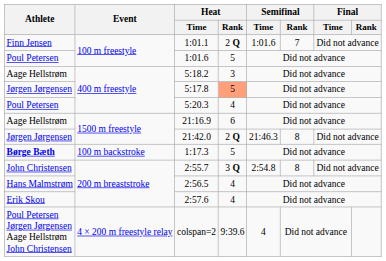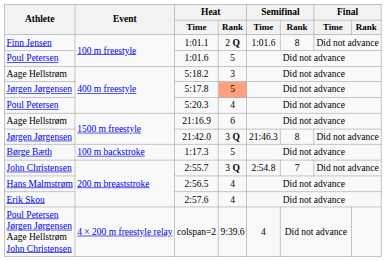 <table class=wikitable style="font-size:90%;">
 <tr>
 <th rowspan=2>Athlete</th>
 <th rowspan=2>Event</th>
 <th colspan=2>Heat</th>
 <th colspan=2>Semifinal</th>
 <th colspan=2>Final</th>
 </tr>
 <tr style="font-size:95%">
 <th>Time</th>
 <th>Rank</th>
 <th>Time</th>
 <th>Rank</th>
 <th>Time</th>
 <th>Rank</th>
 </tr>
 <tr align=center>
 <td align=left><a href='#'>Finn Jensen</a></td>
 <td rowspan=2 align=left><a href='#'>100 m freestyle</a></td>
 <td>1:01.1</td>
 <td>2 <strong>Q</strong></td>
 <td>1:01.6</td>
-<td>7</td>
+<td>8</td>
 <td colspan=2>Did not advance</td>
 </tr>
 <tr align=center>
 <td align=left><a href='#'>Poul Petersen</a></td>
 <td>1:01.6</td>
 <td>5</td>
 <td colspan=4>Did not advance</td>
 </tr>
 <tr align=center>
 <td align=left>Aage Hellstrøm</td>
 <td rowspan=3 align=left><a href='#'>400 m freestyle</a></td>
 <td>5:18.2</td>
 <td>3</td>
 <td colspan=4>Did not advance</td>
 </tr>
 <tr align=center>
 <td align=left><a href='#'>Jørgen Jørgensen</a></td>
 <td>5:17.8</td>
 <td style="background: lightsalmon;">5</td>
 <td colspan=4>Did not advance</td>
 </tr>
 <tr align=center>
 <td align=left><a href='#'>Poul Petersen</a></td>
 <td>5:20.3</td>
 <td>4</td>
 <td colspan=4>Did not advance</td>
 </tr>
 <tr align=center>
 <td align=left>Aage Hellstrøm</td>
 <td rowspan=2 align=left><a href='#'>1500 m freestyle</a></td>
 <td>21:16.9</td>
 <td>6</td>
 <td colspan=4>Did not advance</td>
 </tr>
 <tr align=center>
 <td align=left><a href='#'>Jørgen Jørgensen</a></td>
 <td>21:42.0</td>
-<td>2 <strong>Q</strong></td>
+<td>3 <strong>Q</strong></td>
 <td>21:46.3</td>
 <td>8</td>
 <td colspan=2>Did not advance</td>
 </tr>
 <tr align=center>
-<td align=left><strong><a href='#'>Børge Bæth</a></strong></td>
+<td align=left><a href='#'>Børge Bæth</a></td>
 <td align=left><a href='#'>100 m backstroke</a></td>
 <td>1:17.3</td>
 <td>5</td>
 <td colspan=4>Did not advance</td>
 </tr>
 <tr align=center>
 <td align=left><a href='#'>John Christensen</a></td>
 <td rowspan=3 align=left><a href='#'>200 m breaststroke</a></td>
 <td>2:55.7</td>
 <td>3 <strong>Q</strong></td>
 <td>2:54.8</td>
-<td>8</td>
+<td>7</td>
 <td colspan=2>Did not advance</td>
 </tr>
 <tr align=center>
 <td align=left><a href='#'>Hans Malmstrøm</a></td>
 <td>2:56.5</td>
 <td>4</td>
 <td colspan=4>Did not advance</td>
 </tr>
 <tr align=center>
 <td align=left><a href='#'>Erik Skou</a></td>
 <td>2:57.6</td>
 <td>4</td>
 <td colspan=4>Did not advance</td>
 </tr>
 <tr align=center>
 <td align=left><a href='#'>Poul Petersen</a><br><a href='#'>Jørgen Jørgensen</a><br>Aage Hellstrøm<br><a href='#'>John Christensen</a></td>
 <td align=left><a href='#'>4 × 200 m freestyle relay</a></td>
 <td>colspan=2 </td>
 <td>9:39.6</td>
 <td>4</td>
 <td colspan=2>Did not advance</td>
 </tr>
 </table>
